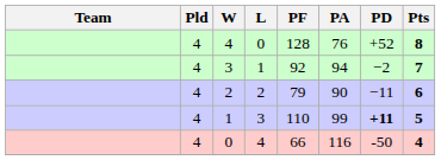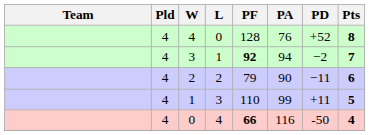 <table class=wikitable style="text-align:center">
 <tr>
 <th width=170>Team</th>
 <th width=25>Pld</th>
 <th width=25>W</th>
 <th width=25>L</th>
 <th width=35>PF</th>
 <th width=35>PA</th>
 <th width=35>PD</th>
 <th width=25>Pts</th>
 </tr>
 <tr bgcolor=ccffcc>
 <td style="text-align:left"></td>
 <td>4</td>
 <td>4</td>
 <td>0</td>
 <td>128</td>
 <td>76</td>
 <td>+52</td>
 <td><strong>8</strong></td>
 </tr>
 <tr bgcolor=ccffcc>
 <td style="text-align:left"></td>
 <td>4</td>
 <td>3</td>
 <td>1</td>
-<td>92</td>
+<td><strong>92</strong></td>
 <td>94</td>
 <td>−2</td>
 <td><strong>7</strong></td>
 </tr>
 <tr bgcolor=ccccff>
 <td style="text-align:left"></td>
 <td>4</td>
 <td>2</td>
 <td>2</td>
 <td>79</td>
 <td>90</td>
 <td>−11</td>
 <td><strong>6</strong></td>
 </tr>
 <tr bgcolor=ccccff>
 <td style="text-align:left"></td>
 <td>4</td>
 <td>1</td>
 <td>3</td>
 <td>110</td>
 <td>99</td>
-<td><strong>+11</strong></td>
+<td>+11</td>
 <td><strong>5</strong></td>
 </tr>
 <tr bgcolor=ffcccc>
 <td style="text-align:left"></td>
 <td>4</td>
 <td>0</td>
 <td>4</td>
-<td>66</td>
+<td><strong>66</strong></td>
 <td>116</td>
 <td>-50</td>
 <td><strong>4</strong></td>
 </tr>
 <tr>
 </tr>
 </table>
